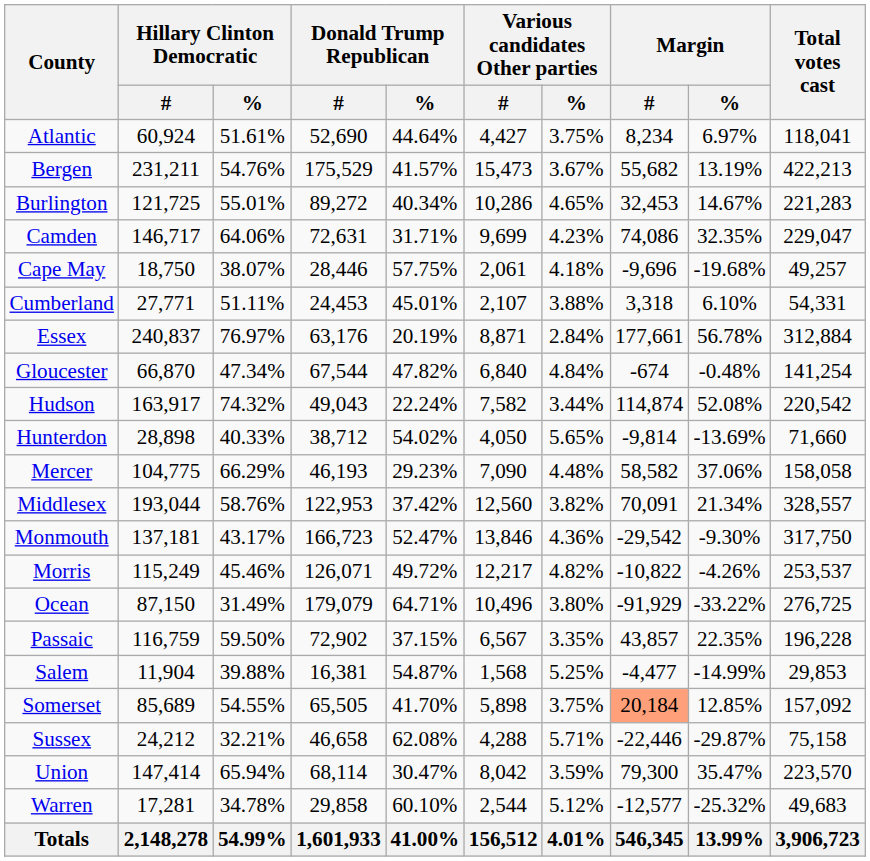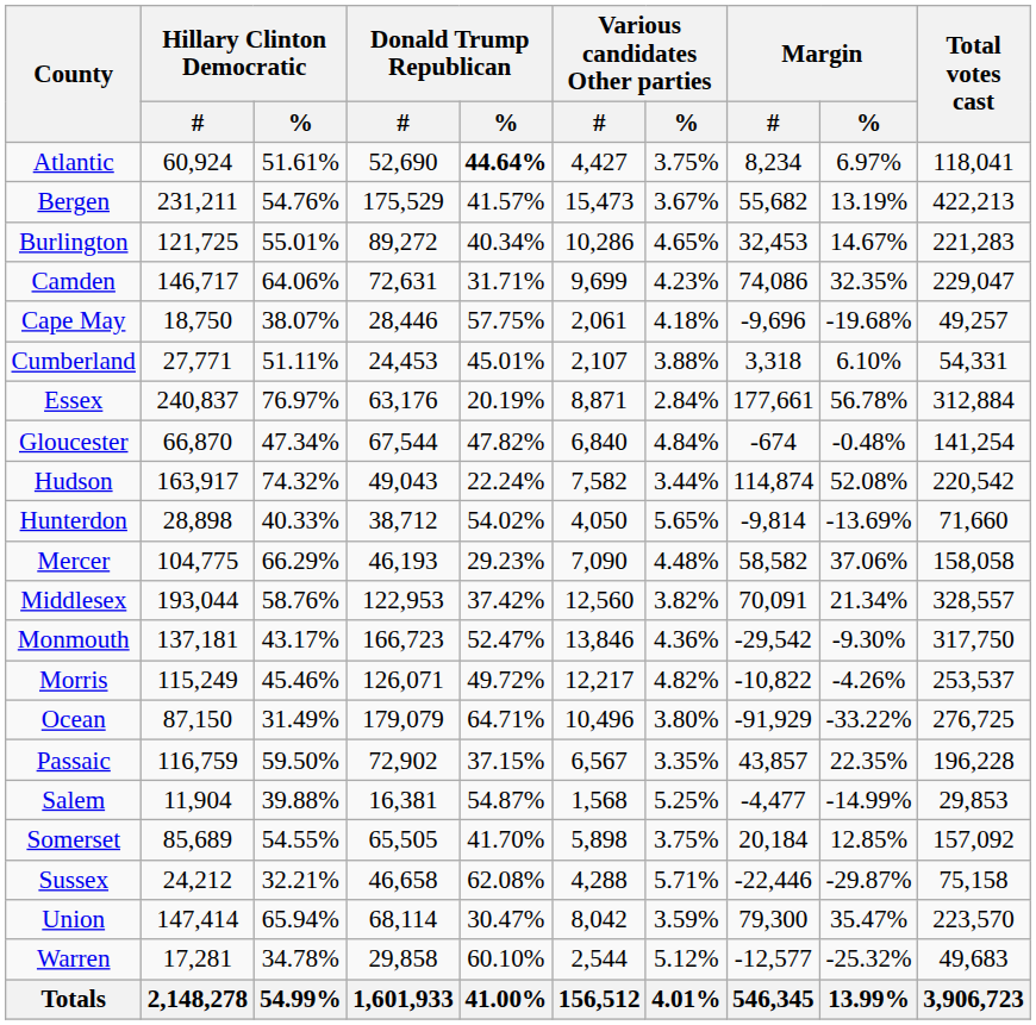 <table width="60%"  class="wikitable sortable" style="text-align:center">
 <tr>
 <th style="text-align:center;" rowspan="2">County</th>
 <th style="text-align:center;" colspan="2">Hillary Clinton<br>Democratic</th>
 <th style="text-align:center;" colspan="2">Donald Trump<br>Republican</th>
 <th style="text-align:center;" colspan="2">Various candidates<br>Other parties</th>
 <th style="text-align:center;" colspan="2">Margin</th>
 <th style="text-align:center;" rowspan="2">Total votes cast</th>
 </tr>
 <tr>
 <th style="text-align:center;" data-sort-type="number">#</th>
 <th style="text-align:center;" data-sort-type="number">%</th>
 <th style="text-align:center;" data-sort-type="number">#</th>
 <th style="text-align:center;" data-sort-type="number">%</th>
 <th style="text-align:center;" data-sort-type="number">#</th>
 <th style="text-align:center;" data-sort-type="number">%</th>
 <th style="text-align:center;" data-sort-type="number">#</th>
 <th style="text-align:center;" data-sort-type="number">%</th>
 </tr>
 <tr style="text-align:center;">
 <td><a href='#'>Atlantic</a></td>
 <td>60,924</td>
 <td>51.61%</td>
 <td>52,690</td>
-<td>44.64%</td>
+<td><strong>44.64%</strong></td>
 <td>4,427</td>
 <td>3.75%</td>
 <td>8,234</td>
 <td>6.97%</td>
 <td>118,041</td>
 </tr>
 <tr style="text-align:center;">
 <td><a href='#'>Bergen</a></td>
 <td>231,211</td>
 <td>54.76%</td>
 <td>175,529</td>
 <td>41.57%</td>
 <td>15,473</td>
 <td>3.67%</td>
 <td>55,682</td>
 <td>13.19%</td>
 <td>422,213</td>
 </tr>
 <tr style="text-align:center;">
 <td><a href='#'>Burlington</a></td>
 <td>121,725</td>
 <td>55.01%</td>
 <td>89,272</td>
 <td>40.34%</td>
 <td>10,286</td>
 <td>4.65%</td>
 <td>32,453</td>
 <td>14.67%</td>
 <td>221,283</td>
 </tr>
 <tr style="text-align:center;">
 <td><a href='#'>Camden</a></td>
 <td>146,717</td>
 <td>64.06%</td>
 <td>72,631</td>
 <td>31.71%</td>
 <td>9,699</td>
 <td>4.23%</td>
 <td>74,086</td>
 <td>32.35%</td>
 <td>229,047</td>
 </tr>
 <tr style="text-align:center;">
 <td><a href='#'>Cape May</a></td>
 <td>18,750</td>
 <td>38.07%</td>
 <td>28,446</td>
 <td>57.75%</td>
 <td>2,061</td>
 <td>4.18%</td>
 <td>-9,696</td>
 <td>-19.68%</td>
 <td>49,257</td>
 </tr>
 <tr style="text-align:center;">
 <td><a href='#'>Cumberland</a></td>
 <td>27,771</td>
 <td>51.11%</td>
 <td>24,453</td>
 <td>45.01%</td>
 <td>2,107</td>
 <td>3.88%</td>
 <td>3,318</td>
 <td>6.10%</td>
 <td>54,331</td>
 </tr>
 <tr style="text-align:center;">
 <td><a href='#'>Essex</a></td>
 <td>240,837</td>
 <td>76.97%</td>
 <td>63,176</td>
 <td>20.19%</td>
 <td>8,871</td>
 <td>2.84%</td>
 <td>177,661</td>
 <td>56.78%</td>
 <td>312,884</td>
 </tr>
 <tr style="text-align:center;">
 <td><a href='#'>Gloucester</a></td>
 <td>66,870</td>
 <td>47.34%</td>
 <td>67,544</td>
 <td>47.82%</td>
 <td>6,840</td>
 <td>4.84%</td>
 <td>-674</td>
 <td>-0.48%</td>
 <td>141,254</td>
 </tr>
 <tr style="text-align:center;">
 <td><a href='#'>Hudson</a></td>
 <td>163,917</td>
 <td>74.32%</td>
 <td>49,043</td>
 <td>22.24%</td>
 <td>7,582</td>
 <td>3.44%</td>
 <td>114,874</td>
 <td>52.08%</td>
 <td>220,542</td>
 </tr>
 <tr style="text-align:center;">
 <td><a href='#'>Hunterdon</a></td>
 <td>28,898</td>
 <td>40.33%</td>
 <td>38,712</td>
 <td>54.02%</td>
 <td>4,050</td>
 <td>5.65%</td>
 <td>-9,814</td>
 <td>-13.69%</td>
 <td>71,660</td>
 </tr>
 <tr style="text-align:center;">
 <td><a href='#'>Mercer</a></td>
 <td>104,775</td>
 <td>66.29%</td>
 <td>46,193</td>
 <td>29.23%</td>
 <td>7,090</td>
 <td>4.48%</td>
 <td>58,582</td>
 <td>37.06%</td>
 <td>158,058</td>
 </tr>
 <tr style="text-align:center;">
 <td><a href='#'>Middlesex</a></td>
 <td>193,044</td>
 <td>58.76%</td>
 <td>122,953</td>
 <td>37.42%</td>
 <td>12,560</td>
 <td>3.82%</td>
 <td>70,091</td>
 <td>21.34%</td>
 <td>328,557</td>
 </tr>
 <tr style="text-align:center;">
 <td><a href='#'>Monmouth</a></td>
 <td>137,181</td>
 <td>43.17%</td>
 <td>166,723</td>
 <td>52.47%</td>
 <td>13,846</td>
 <td>4.36%</td>
 <td>-29,542</td>
 <td>-9.30%</td>
 <td>317,750</td>
 </tr>
 <tr style="text-align:center;">
 <td><a href='#'>Morris</a></td>
 <td>115,249</td>
 <td>45.46%</td>
 <td>126,071</td>
 <td>49.72%</td>
 <td>12,217</td>
 <td>4.82%</td>
 <td>-10,822</td>
 <td>-4.26%</td>
 <td>253,537</td>
 </tr>
 <tr style="text-align:center;">
 <td><a href='#'>Ocean</a></td>
 <td>87,150</td>
 <td>31.49%</td>
 <td>179,079</td>
 <td>64.71%</td>
 <td>10,496</td>
 <td>3.80%</td>
 <td>-91,929</td>
 <td>-33.22%</td>
 <td>276,725</td>
 </tr>
 <tr style="text-align:center;">
 <td><a href='#'>Passaic</a></td>
 <td>116,759</td>
 <td>59.50%</td>
 <td>72,902</td>
 <td>37.15%</td>
 <td>6,567</td>
 <td>3.35%</td>
 <td>43,857</td>
 <td>22.35%</td>
 <td>196,228</td>
 </tr>
 <tr style="text-align:center;">
 <td><a href='#'>Salem</a></td>
 <td>11,904</td>
 <td>39.88%</td>
 <td>16,381</td>
 <td>54.87%</td>
 <td>1,568</td>
 <td>5.25%</td>
 <td>-4,477</td>
 <td>-14.99%</td>
 <td>29,853</td>
 </tr>
 <tr style="text-align:center;">
 <td><a href='#'>Somerset</a></td>
 <td>85,689</td>
 <td>54.55%</td>
 <td>65,505</td>
 <td>41.70%</td>
 <td>5,898</td>
 <td>3.75%</td>
-<td style="background: lightsalmon;">20,184</td>
+<td>20,184</td>
 <td>12.85%</td>
 <td>157,092</td>
 </tr>
 <tr style="text-align:center;">
 <td><a href='#'>Sussex</a></td>
 <td>24,212</td>
 <td>32.21%</td>
 <td>46,658</td>
 <td>62.08%</td>
 <td>4,288</td>
 <td>5.71%</td>
 <td>-22,446</td>
 <td>-29.87%</td>
 <td>75,158</td>
 </tr>
 <tr style="text-align:center;">
 <td><a href='#'>Union</a></td>
 <td>147,414</td>
 <td>65.94%</td>
 <td>68,114</td>
 <td>30.47%</td>
 <td>8,042</td>
 <td>3.59%</td>
 <td>79,300</td>
 <td>35.47%</td>
 <td>223,570</td>
 </tr>
 <tr style="text-align:center;">
 <td><a href='#'>Warren</a></td>
 <td>17,281</td>
 <td>34.78%</td>
 <td>29,858</td>
 <td>60.10%</td>
 <td>2,544</td>
 <td>5.12%</td>
 <td>-12,577</td>
 <td>-25.32%</td>
 <td>49,683</td>
 </tr>
 <tr>
 <th>Totals</th>
 <th>2,148,278</th>
 <th>54.99%</th>
 <th>1,601,933</th>
 <th>41.00%</th>
 <th>156,512</th>
 <th>4.01%</th>
 <th>546,345</th>
 <th>13.99%</th>
 <th>3,906,723</th>
 </tr>
 </table>
